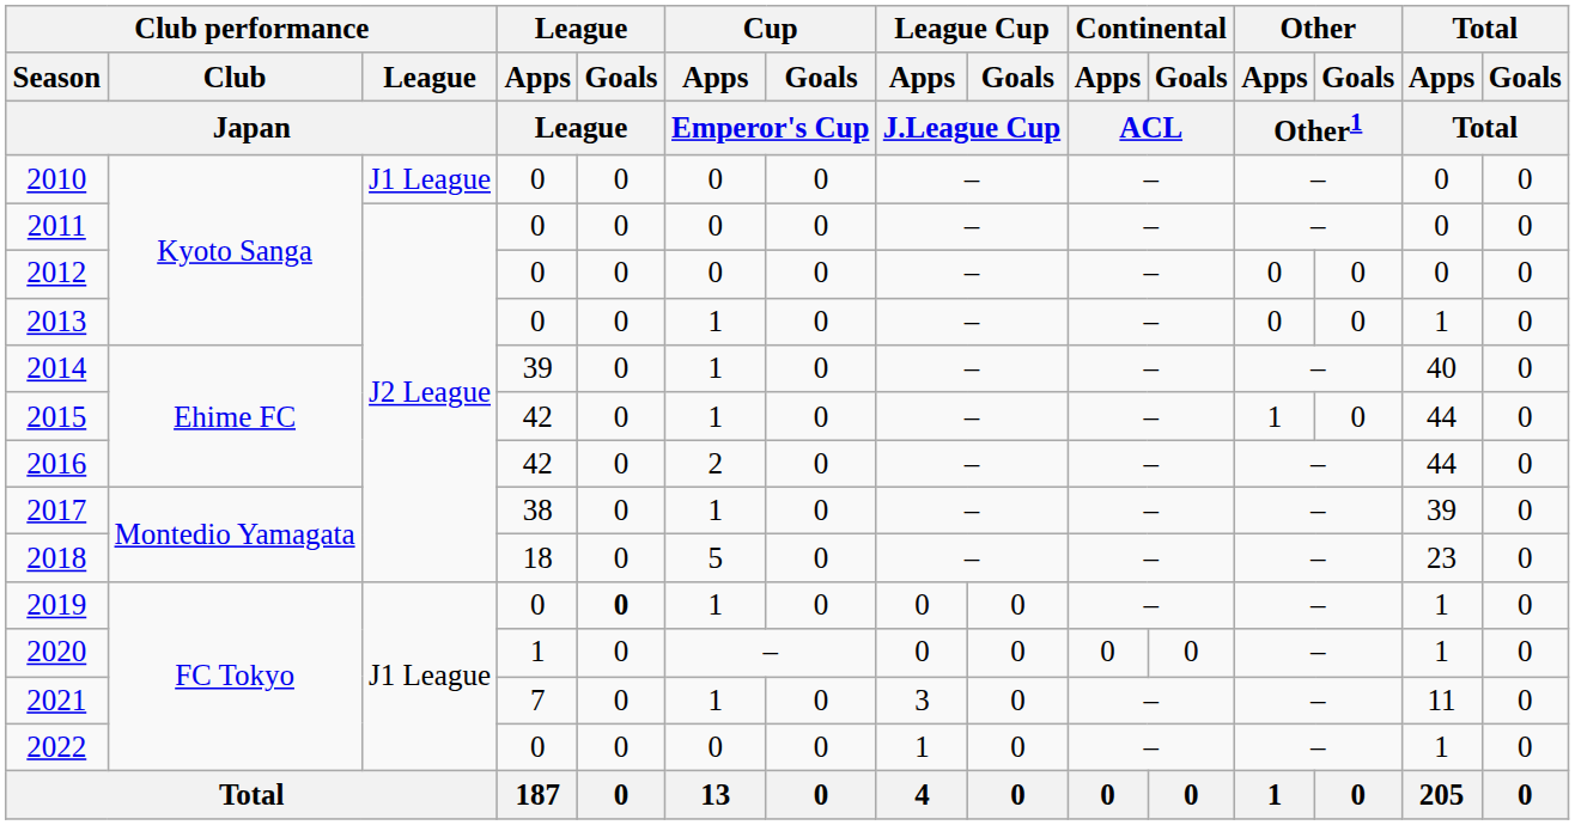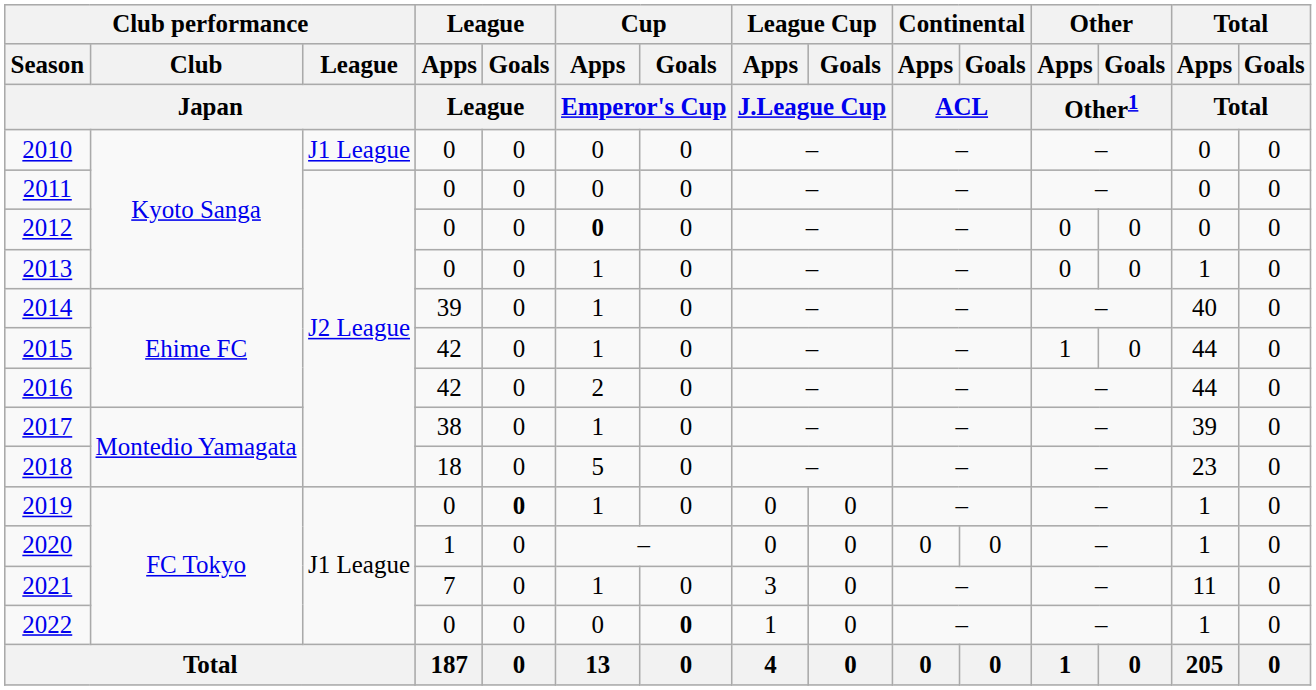 <table class="wikitable" style="text-align:center;">
 <tr>
 <th colspan=3>Club performance</th>
 <th colspan=2>League</th>
 <th colspan=2>Cup</th>
 <th colspan=2>League Cup</th>
 <th colspan=2>Continental</th>
 <th colspan=2>Other</th>
 <th colspan=2>Total</th>
 </tr>
 <tr>
 <th>Season</th>
 <th>Club</th>
 <th>League</th>
 <th>Apps</th>
 <th>Goals</th>
 <th>Apps</th>
 <th>Goals</th>
 <th>Apps</th>
 <th>Goals</th>
 <th>Apps</th>
 <th>Goals</th>
 <th>Apps</th>
 <th>Goals</th>
 <th>Apps</th>
 <th>Goals</th>
 </tr>
 <tr>
 <th colspan=3>Japan</th>
 <th colspan=2>League</th>
 <th colspan=2><a href='#'>Emperor's Cup</a></th>
 <th colspan=2><a href='#'>J.League Cup</a></th>
 <th colspan=2><a href='#'>ACL</a></th>
 <th colspan="2">Other<sup><a href='#'>1</a></sup></th>
 <th colspan=2>Total</th>
 </tr>
 <tr>
 <td><a href='#'>2010</a></td>
 <td rowspan="4"><a href='#'>Kyoto Sanga</a></td>
 <td><a href='#'>J1 League</a></td>
 <td>0</td>
 <td>0</td>
 <td>0</td>
 <td>0</td>
 <td colspan="2">–</td>
 <td colspan="2">–</td>
 <td colspan="2">–</td>
 <td>0</td>
 <td>0</td>
 </tr>
 <tr>
 <td><a href='#'>2011</a></td>
 <td rowspan="8"><a href='#'>J2 League</a></td>
 <td>0</td>
 <td>0</td>
 <td>0</td>
 <td>0</td>
 <td colspan="2">–</td>
 <td colspan="2">–</td>
 <td colspan="2">–</td>
 <td>0</td>
 <td>0</td>
 </tr>
 <tr>
 <td><a href='#'>2012</a></td>
 <td>0</td>
 <td>0</td>
-<td>0</td>
+<td><strong>0</strong></td>
 <td>0</td>
 <td colspan="2">–</td>
 <td colspan="2">–</td>
 <td>0</td>
 <td>0</td>
 <td>0</td>
 <td>0</td>
 </tr>
 <tr>
 <td><a href='#'>2013</a></td>
 <td>0</td>
 <td>0</td>
 <td>1</td>
 <td>0</td>
 <td colspan="2">–</td>
 <td colspan="2">–</td>
 <td>0</td>
 <td>0</td>
 <td>1</td>
 <td>0</td>
 </tr>
 <tr>
 <td><a href='#'>2014</a></td>
 <td rowspan="3"><a href='#'>Ehime FC</a></td>
 <td>39</td>
 <td>0</td>
 <td>1</td>
 <td>0</td>
 <td colspan="2">–</td>
 <td colspan="2">–</td>
 <td colspan="2">–</td>
 <td>40</td>
 <td>0</td>
 </tr>
 <tr>
 <td><a href='#'>2015</a></td>
 <td>42</td>
 <td>0</td>
 <td>1</td>
 <td>0</td>
 <td colspan="2">–</td>
 <td colspan="2">–</td>
 <td>1</td>
 <td>0</td>
 <td>44</td>
 <td>0</td>
 </tr>
 <tr>
 <td><a href='#'>2016</a></td>
 <td>42</td>
 <td>0</td>
 <td>2</td>
 <td>0</td>
 <td colspan="2">–</td>
 <td colspan="2">–</td>
 <td colspan="2">–</td>
 <td>44</td>
 <td>0</td>
 </tr>
 <tr>
 <td><a href='#'>2017</a></td>
 <td rowspan="2"><a href='#'>Montedio Yamagata</a></td>
 <td>38</td>
 <td>0</td>
 <td>1</td>
 <td>0</td>
 <td colspan="2">–</td>
 <td colspan="2">–</td>
 <td colspan="2">–</td>
 <td>39</td>
 <td>0</td>
 </tr>
 <tr>
 <td><a href='#'>2018</a></td>
 <td>18</td>
 <td>0</td>
 <td>5</td>
 <td>0</td>
 <td colspan="2">–</td>
 <td colspan="2">–</td>
 <td colspan="2">–</td>
 <td>23</td>
 <td>0</td>
 </tr>
 <tr>
 <td><a href='#'>2019</a></td>
 <td rowspan="4"><a href='#'>FC Tokyo</a></td>
 <td rowspan="4">J1 League</td>
 <td>0</td>
 <td><strong>0</strong></td>
 <td>1</td>
 <td>0</td>
 <td>0</td>
 <td>0</td>
 <td colspan="2">–</td>
 <td colspan="2">–</td>
 <td>1</td>
 <td>0</td>
 </tr>
 <tr>
 <td><a href='#'>2020</a></td>
 <td>1</td>
 <td>0</td>
 <td colspan="2">–</td>
 <td>0</td>
 <td>0</td>
 <td>0</td>
 <td>0</td>
 <td colspan="2">–</td>
 <td>1</td>
 <td>0</td>
 </tr>
 <tr>
 <td><a href='#'>2021</a></td>
 <td>7</td>
 <td>0</td>
 <td>1</td>
 <td>0</td>
 <td>3</td>
 <td>0</td>
 <td colspan="2">–</td>
 <td colspan="2">–</td>
 <td>11</td>
 <td>0</td>
 </tr>
 <tr>
 <td><a href='#'>2022</a></td>
 <td>0</td>
 <td>0</td>
 <td>0</td>
-<td>0</td>
+<td><strong>0</strong></td>
 <td>1</td>
 <td>0</td>
 <td colspan="2">–</td>
 <td colspan="2">–</td>
 <td>1</td>
 <td>0</td>
 </tr>
 <tr>
 <th colspan="3">Total</th>
 <th>187</th>
 <th>0</th>
 <th>13</th>
 <th>0</th>
 <th>4</th>
 <th>0</th>
 <th>0</th>
 <th>0</th>
 <th>1</th>
 <th>0</th>
 <th>205</th>
 <th>0</th>
 </tr>
 </table>
